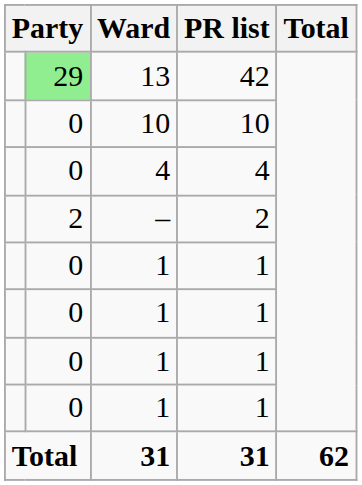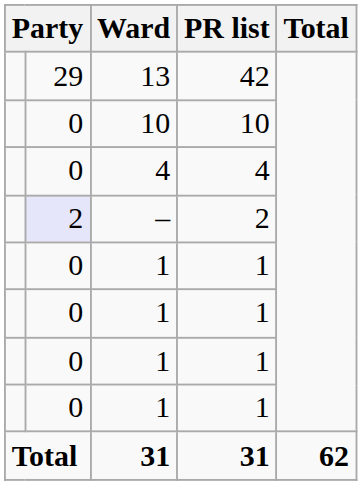 <table class=wikitable style="text-align:right">
 <tr>
 <th colspan=2>Party</th>
 <th>Ward</th>
 <th>PR list</th>
 <th>Total</th>
 </tr>
 <tr>
 <td></td>
-<td style="background: lightgreen;">29</td>
+<td>29</td>
 <td>13</td>
 <td>42</td>
 </tr>
 <tr>
 <td></td>
 <td>0</td>
 <td>10</td>
 <td>10</td>
 </tr>
 <tr>
 <td></td>
 <td>0</td>
 <td>4</td>
 <td>4</td>
 </tr>
 <tr>
 <td></td>
-<td>2</td>
+<td style="background: lavender;">2</td>
 <td>–</td>
 <td>2</td>
 </tr>
 <tr>
 <td></td>
 <td>0</td>
 <td>1</td>
 <td>1</td>
 </tr>
 <tr>
 <td></td>
 <td>0</td>
 <td>1</td>
 <td>1</td>
 </tr>
 <tr>
 <td></td>
 <td>0</td>
 <td>1</td>
 <td>1</td>
 </tr>
 <tr>
 <td></td>
 <td>0</td>
 <td>1</td>
 <td>1</td>
 </tr>
 <tr>
 <td colspan="2" style="text-align:left"><strong>Total</strong></td>
 <td><strong>31</strong></td>
 <td><strong>31</strong></td>
 <td><strong>62</strong></td>
 </tr>
 </table>
